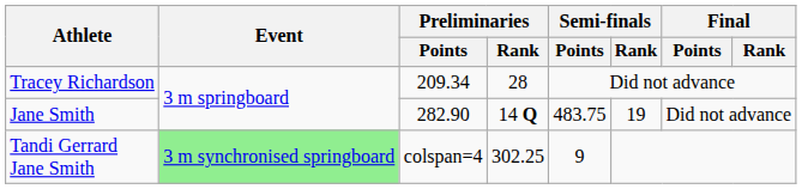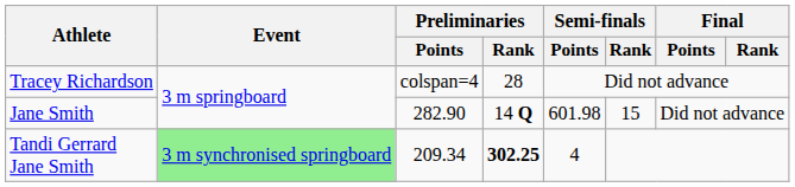 <table class=wikitable style="font-size:90%">
 <tr>
 <th rowspan="2">Athlete</th>
 <th rowspan="2">Event</th>
 <th colspan="2">Preliminaries</th>
 <th colspan="2">Semi-finals</th>
 <th colspan="2">Final</th>
 </tr>
 <tr style="font-size:95%">
 <th>Points</th>
 <th>Rank</th>
 <th>Points</th>
 <th>Rank</th>
 <th>Points</th>
 <th>Rank</th>
 </tr>
 <tr align=center>
 <td align=left><a href='#'>Tracey Richardson</a></td>
 <td align=left rowspan=2><a href='#'>3 m springboard</a></td>
-<td>209.34</td>
+<td>colspan=4 </td>
 <td>28</td>
 <td colspan=4>Did not advance</td>
 </tr>
 <tr align=center>
 <td align=left><a href='#'>Jane Smith</a></td>
 <td>282.90</td>
 <td>14 <strong>Q</strong></td>
-<td>483.75</td>
-<td>19</td>
+<td>601.98</td>
+<td>15</td>
 <td colspan=2>Did not advance</td>
 </tr>
 <tr align=center>
 <td align=left><a href='#'>Tandi Gerrard</a><br><a href='#'>Jane Smith</a></td>
 <td align=left style="background: lightgreen;"><a href='#'>3 m synchronised springboard</a></td>
-<td>colspan=4 </td>
-<td>302.25</td>
-<td>9</td>
+<td>209.34</td>
+<td><strong>302.25</strong></td>
+<td>4</td>
 </tr>
 </table>
